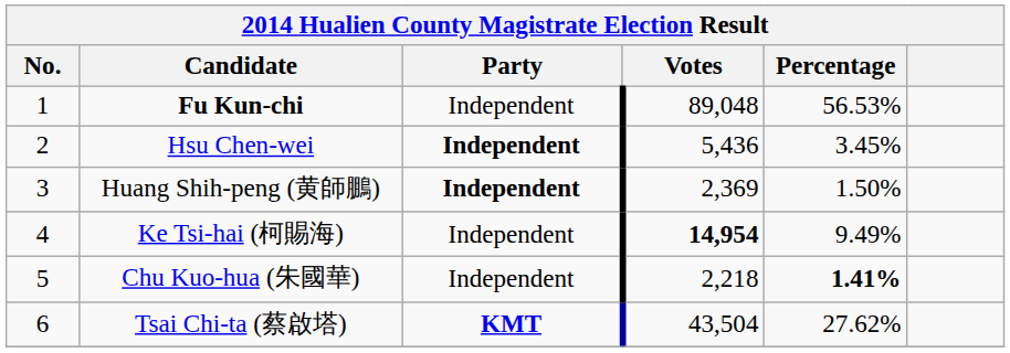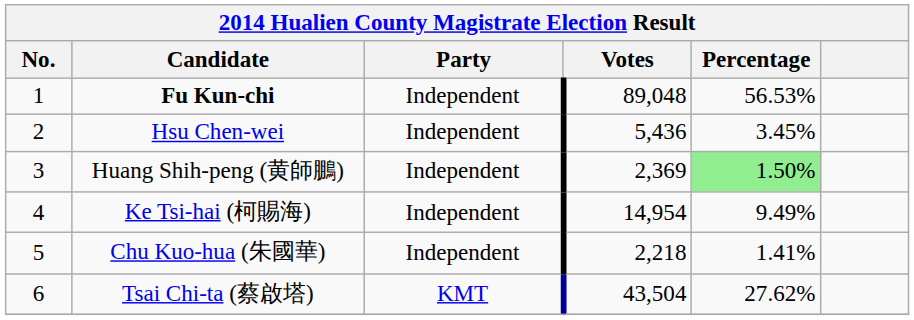 <table class="wikitable" style="margin:1em auto; text-align:center">
 <tr>
 <th colspan="7" width=620px><a href='#'>2014 Hualien County Magistrate Election</a> Result</th>
 </tr>
 <tr>
 <th width=35>No.</th>
 <th width=180>Candidate</th>
 <th width=120>Party</th>
 <th width=75>Votes</th>
 <th width=75>Percentage</th>
 <th width=49></th>
 </tr>
 <tr>
 <td>1</td>
 <td><strong>Fu Kun-chi</strong></td>
 <td>Independent</td>
 <td style="border-left:4px solid #000000;" align="right">89,048</td>
 <td align="right">56.53%</td>
 <td align="center"></td>
 </tr>
 <tr>
 <td>2</td>
 <td><a href='#'>Hsu Chen-wei</a></td>
-<td><strong>Independent</strong></td>
+<td>Independent</td>
 <td style="border-left:4px solid #000000;" align="right">5,436</td>
 <td align="right">3.45%</td>
 <td align="center"></td>
 </tr>
 <tr>
 <td>3</td>
 <td>Huang Shih-peng (黄師鵬)</td>
-<td><strong>Independent</strong></td>
+<td>Independent</td>
 <td style="border-left:4px solid #000000;" align="right">2,369</td>
-<td align="right">1.50%</td>
+<td align="right" style="background: lightgreen;">1.50%</td>
 <td align="center"></td>
 </tr>
 <tr>
 <td>4</td>
 <td><a href='#'>Ke Tsi-hai</a> (柯賜海)</td>
 <td>Independent</td>
-<td style="border-left:4px solid #000000;" align="right"><strong>14,954</strong></td>
+<td style="border-left:4px solid #000000;" align="right">14,954</td>
 <td align="right">9.49%</td>
 <td align="center"></td>
 </tr>
 <tr>
 <td>5</td>
 <td><a href='#'>Chu Kuo-hua</a> (朱國華)</td>
 <td>Independent</td>
 <td style="border-left:4px solid #000000;" align="right">2,218</td>
-<td align="right"><strong>1.41%</strong></td>
+<td align="right">1.41%</td>
 <td align="center"></td>
 </tr>
 <tr>
 <td>6</td>
 <td><a href='#'>Tsai Chi-ta</a> (蔡啟塔)</td>
-<td><strong><a href='#'>KMT</a></strong></td>
+<td><a href='#'>KMT</a></td>
 <td style="border-left:4px solid #000099;" align="right">43,504</td>
 <td align="right">27.62%</td>
 <td align="center"></td>
 </tr>
 <tr bgcolor=EEEEEE>
 </tr>
 </table>
